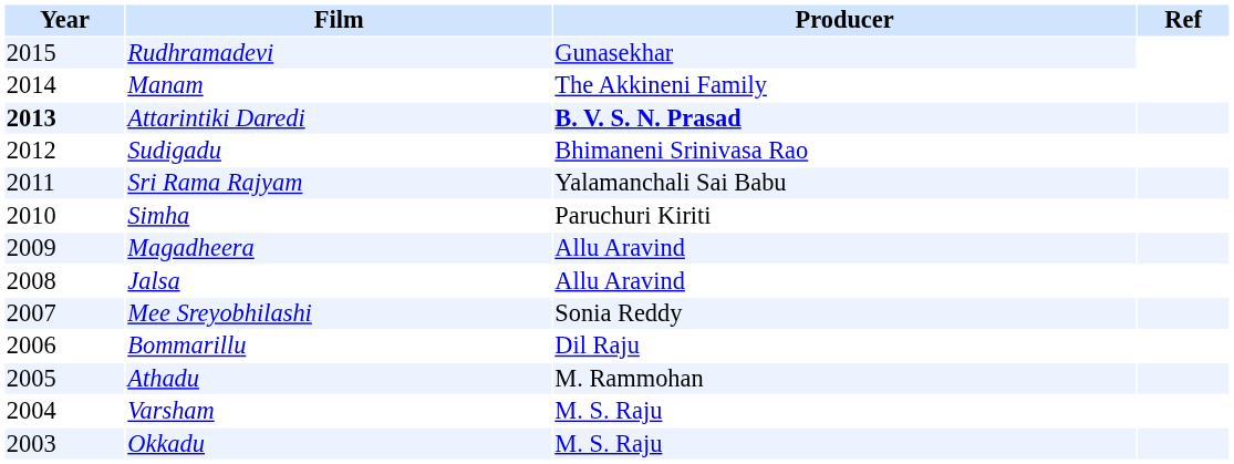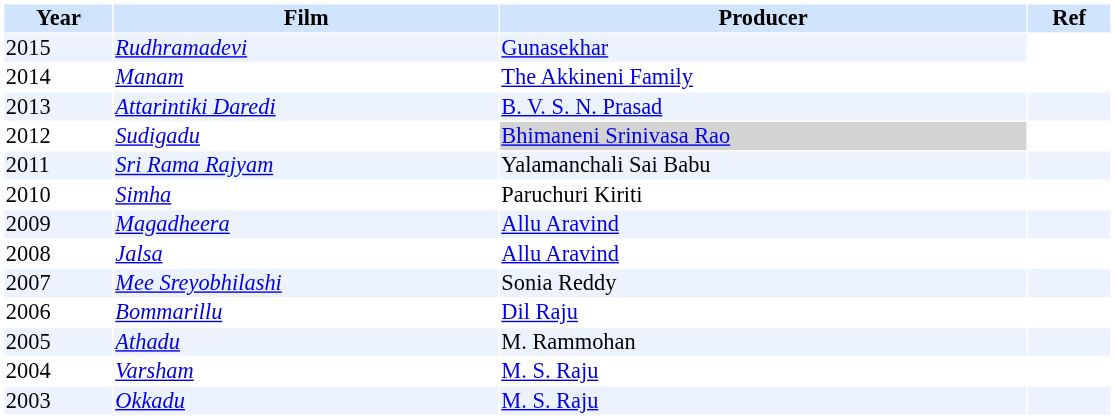 <table cellspacing="1" cellpadding="1" border="0" width="50%">
 <tr bgcolor="#d1e4fd">
 <th>Year</th>
 <th>Film</th>
 <th>Producer</th>
 <th>Ref</th>
 </tr>
 <tr bgcolor=#edf3fe>
 <td>2015</td>
 <td><em><a href='#'>Rudhramadevi</a></em></td>
 <td><a href='#'>Gunasekhar</a></td>
 </tr>
 <tr>
 <td>2014</td>
 <td><em><a href='#'>Manam</a></em></td>
 <td><a href='#'>The Akkineni Family</a></td>
 <td></td>
 </tr>
 <tr bgcolor=#edf3fe>
-<td><strong>2013</strong></td>
+<td>2013</td>
 <td><em><a href='#'>Attarintiki Daredi</a></em></td>
-<td><strong><a href='#'>B. V. S. N. Prasad</a></strong></td>
+<td><a href='#'>B. V. S. N. Prasad</a></td>
 <td></td>
 </tr>
 <tr>
 <td>2012</td>
 <td><em><a href='#'>Sudigadu</a></em></td>
-<td><a href='#'>Bhimaneni Srinivasa Rao</a></td>
+<td style="background: lightgrey;"><a href='#'>Bhimaneni Srinivasa Rao</a></td>
 <td></td>
 </tr>
 <tr bgcolor=#edf3fe>
 <td>2011</td>
 <td><em><a href='#'>Sri Rama Rajyam</a></em></td>
 <td>Yalamanchali Sai Babu</td>
 <td></td>
 </tr>
 <tr>
 <td>2010</td>
 <td><em><a href='#'>Simha</a></em></td>
 <td>Paruchuri Kiriti</td>
 <td></td>
 </tr>
 <tr bgcolor=#edf3fe>
 <td>2009</td>
 <td><em><a href='#'>Magadheera</a></em></td>
 <td><a href='#'>Allu Aravind</a></td>
 <td></td>
 </tr>
 <tr>
 <td>2008</td>
 <td><em><a href='#'>Jalsa</a></em></td>
 <td><a href='#'>Allu Aravind</a></td>
 <td></td>
 </tr>
 <tr bgcolor=#edf3fe>
 <td>2007</td>
 <td><em><a href='#'>Mee Sreyobhilashi</a></em></td>
 <td>Sonia Reddy</td>
 <td></td>
 </tr>
 <tr>
 <td>2006</td>
 <td><em><a href='#'>Bommarillu</a></em></td>
 <td><a href='#'>Dil Raju</a></td>
 <td></td>
 </tr>
 <tr bgcolor=#edf3fe>
 <td>2005</td>
 <td><em><a href='#'>Athadu</a></em></td>
 <td>M. Rammohan</td>
 <td></td>
 </tr>
 <tr>
 <td>2004</td>
 <td><em><a href='#'>Varsham</a></em></td>
 <td><a href='#'>M. S. Raju</a></td>
 <td></td>
 </tr>
 <tr bgcolor=#edf3fe>
 <td>2003</td>
 <td><em><a href='#'>Okkadu</a></em></td>
 <td><a href='#'>M. S. Raju</a></td>
 <td></td>
 </tr>
 </table>
